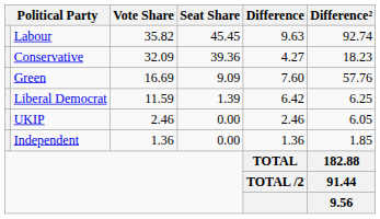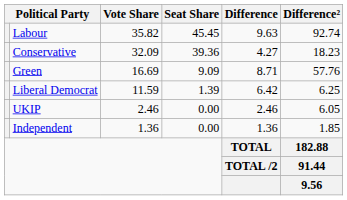 <table class="wikitable">
 <tr>
 <th colspan="2">Political Party</th>
 <th>Vote Share</th>
 <th>Seat Share</th>
 <th>Difference</th>
 <th>Difference²</th>
 </tr>
 <tr>
 <th style="color:inherit;background:"></th>
 <td><a href='#'>Labour</a></td>
 <td style="text-align:right; ">35.82</td>
 <td style="text-align:right; ">45.45</td>
 <td style="text-align:right; ">9.63</td>
 <td style="text-align:right; ">92.74</td>
 </tr>
 <tr>
 <th style="color:inherit;background:"></th>
 <td><a href='#'>Conservative</a></td>
 <td style="text-align:right; ">32.09</td>
 <td style="text-align:right; ">39.36</td>
 <td style="text-align:right; ">4.27</td>
 <td style="text-align:right; ">18.23</td>
 </tr>
 <tr>
 <th style="color:inherit;background:"></th>
 <td><a href='#'>Green</a></td>
 <td style="text-align:right; ">16.69</td>
 <td style="text-align:right; ">9.09</td>
-<td style="text-align:right; ">7.60</td>
+<td style="text-align:right; ">8.71</td>
 <td style="text-align:right; ">57.76</td>
 </tr>
 <tr>
 <th style="color:inherit;background:"></th>
 <td><a href='#'>Liberal Democrat</a></td>
 <td style="text-align:right; ">11.59</td>
 <td style="text-align:right; ">1.39</td>
 <td style="text-align:right; ">6.42</td>
 <td style="text-align:right; ">6.25</td>
 </tr>
 <tr>
 <th style="color:inherit;background:"></th>
 <td><a href='#'>UKIP</a></td>
 <td style="text-align:right; ">2.46</td>
 <td style="text-align:right; ">0.00</td>
 <td style="text-align:right; ">2.46</td>
 <td style="text-align:right; ">6.05</td>
 </tr>
 <tr>
 <th style="color:inherit;background:"></th>
 <td><a href='#'>Independent</a></td>
 <td style="text-align:right; ">1.36</td>
 <td style="text-align:right; ">0.00</td>
 <td style="text-align:right; ">1.36</td>
 <td style="text-align:right; ">1.85</td>
 </tr>
 <tr>
 <td colspan="4" rowspan="3"></td>
 <th>TOTAL</th>
 <th>182.88</th>
 </tr>
 <tr>
 <th>TOTAL /2</th>
 <th>91.44</th>
 </tr>
 <tr>
 <th></th>
 <th><strong>9.56</strong></th>
 </tr>
 </table>
